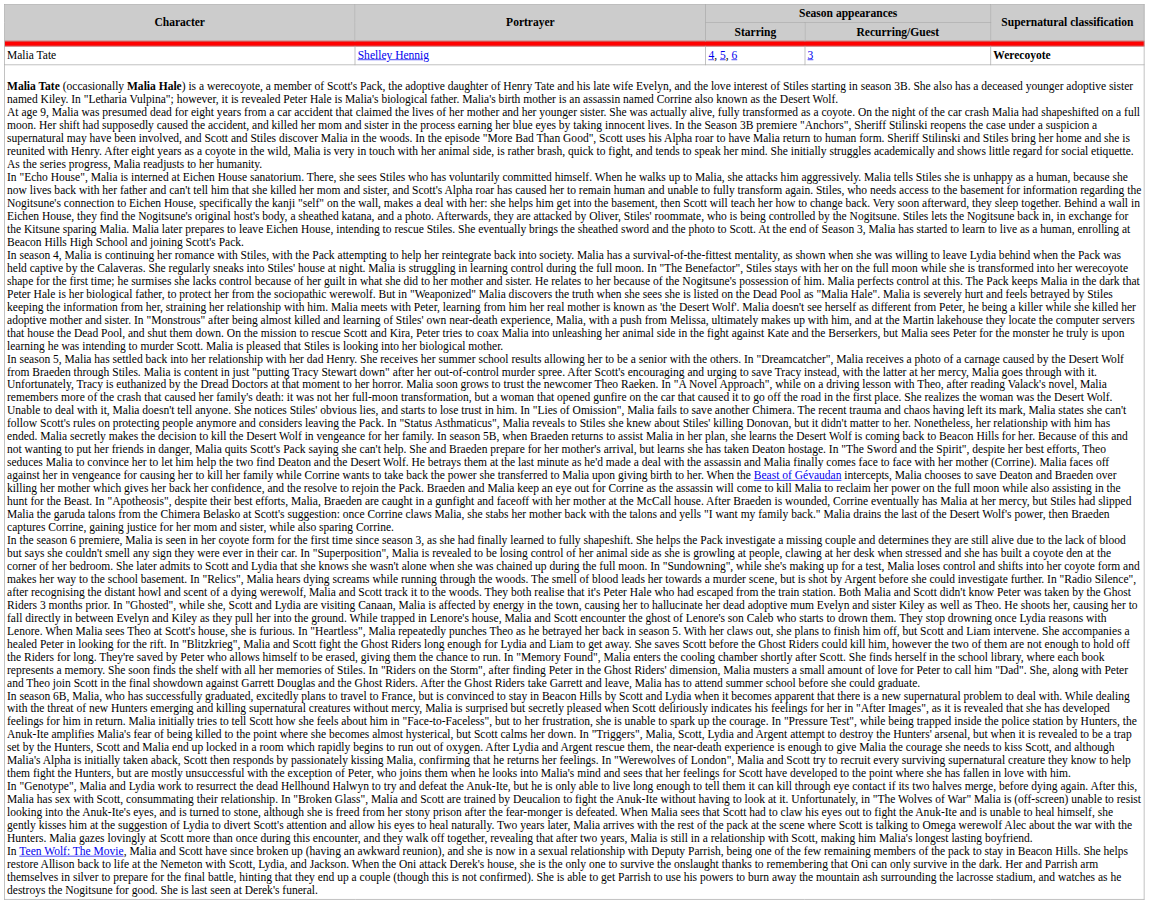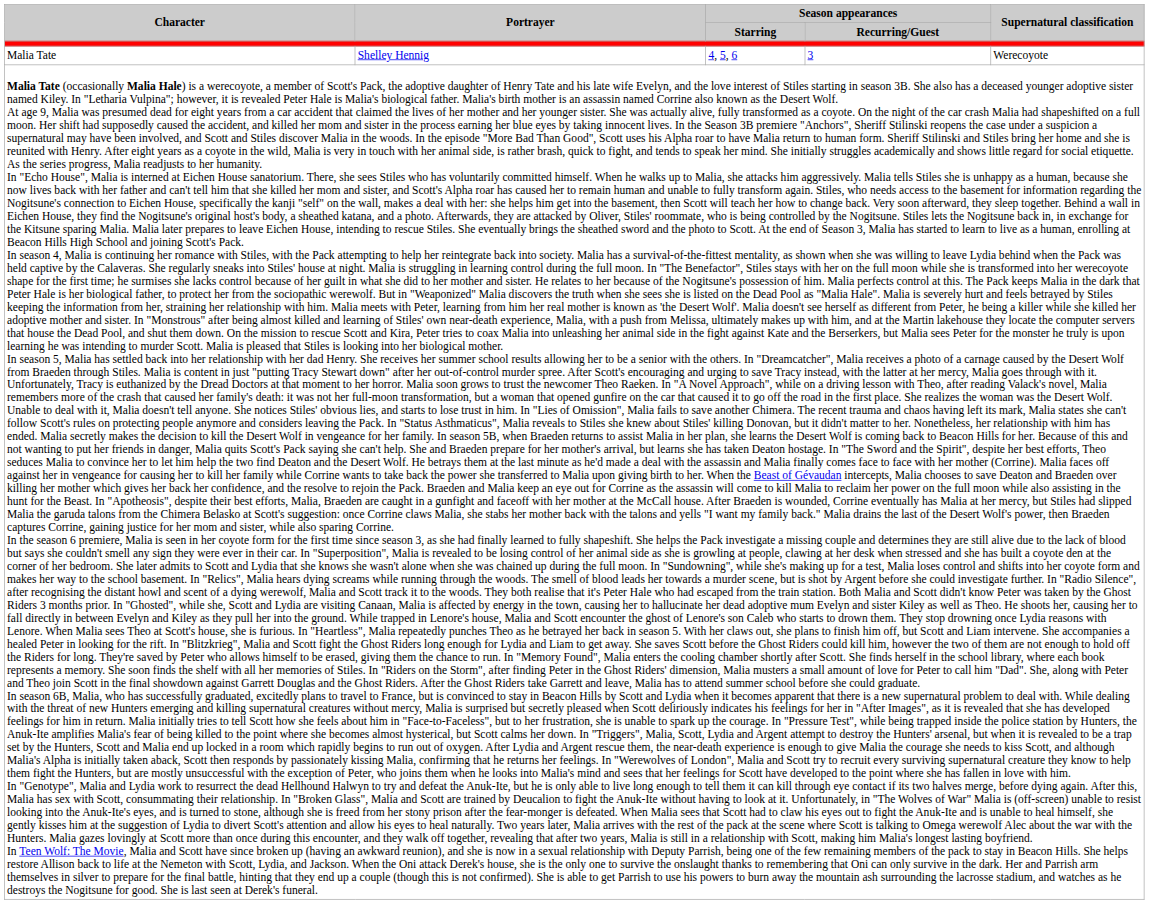 <table class="wikitable sortable" style="width:100%; margin-right:auto; background:#fff;">
 <tr style="color:black">
 <th rowspan="2" style="background:#ccc; width:16%;">Character</th>
 <th rowspan="2" style="background:#ccc; width:16%;">Portrayer</th>
 <th colspan="2" style="background:#ccc; width:13%;">Season appearances</th>
 <th rowspan="2" style="background:#ccc; width:7%;">Supernatural classification</th>
 </tr>
 <tr>
 <th style="background:#ccc;">Starring</th>
 <th style="background:#ccc;">Recurring/Guest</th>
 </tr>
 <tr>
 <td colspan="5" style="background:red;"></td>
 </tr>
 <tr>
 <td id="Malia">Malia Tate</td>
 <td><a href='#'>Shelley Hennig</a></td>
 <td><a href='#'>4</a>, <a href='#'>5</a>, <a href='#'>6</a></td>
 <td><a href='#'>3</a></td>
-<td><strong>Werecoyote</strong></td>
+<td>Werecoyote</td>
 </tr>
 <tr>
 <td colspan=5><br><strong>Malia Tate</strong> (occasionally <strong>Malia Hale</strong>) is a werecoyote, a member of Scott's Pack, the adoptive daughter of Henry Tate and his late wife Evelyn, and the love interest of Stiles starting in season 3B. She also has a deceased younger adoptive sister named Kiley. In "Letharia Vulpina"; however, it is revealed Peter Hale is Malia's biological father. Malia's birth mother is an assassin named Corrine also known as the Desert Wolf.<br>At age 9, Malia was presumed dead for eight years from a car accident that claimed the lives of her mother and her younger sister. She was actually alive, fully transformed as a coyote. On the night of the car crash Malia had shapeshifted on a full moon. Her shift had supposedly caused the accident, and killed her mom and sister in the process earning her blue eyes by taking innocent lives. In the Season 3B premiere "Anchors", Sheriff Stilinski reopens the case under a suspicion a supernatural may have been involved, and Scott and Stiles discover Malia in the woods. In the episode "More Bad Than Good", Scott uses his Alpha roar to have Malia return to human form. Sheriff Stilinski and Stiles bring her home and she is reunited with Henry. After eight years as a coyote in the wild, Malia is very in touch with her animal side, is rather brash, quick to fight, and tends to speak her mind. She initially struggles academically and shows little regard for social etiquette. As the series progress, Malia readjusts to her humanity.<br>In "Echo House", Malia is interned at Eichen House sanatorium. There, she sees Stiles who has voluntarily committed himself. When he walks up to Malia, she attacks him aggressively. Malia tells Stiles she is unhappy as a human, because she now lives back with her father and can't tell him that she killed her mom and sister, and Scott's Alpha roar has caused her to remain human and unable to fully transform again. Stiles, who needs access to the basement for information regarding the Nogitsune's connection to Eichen House, specifically the kanji "self" on the wall, makes a deal with her: she helps him get into the basement, then Scott will teach her how to change back. Very soon afterward, they sleep together. Behind a wall in Eichen House, they find the Nogitsune's original host's body, a sheathed katana, and a photo. Afterwards, they are attacked by Oliver, Stiles' roommate, who is being controlled by the Nogitsune. Stiles lets the Nogitsune back in, in exchange for the Kitsune sparing Malia. Malia later prepares to leave Eichen House, intending to rescue Stiles. She eventually brings the sheathed sword and the photo to Scott. At the end of Season 3, Malia has started to learn to live as a human, enrolling at Beacon Hills High School and joining Scott's Pack.<br>In season 4, Malia is continuing her romance with Stiles, with the Pack attempting to help her reintegrate back into society. Malia has a survival-of-the-fittest mentality, as shown when she was willing to leave Lydia behind when the Pack was held captive by the Calaveras. She regularly sneaks into Stiles' house at night. Malia is struggling in learning control during the full moon. In "The Benefactor", Stiles stays with her on the full moon while she is transformed into her werecoyote shape for the first time; he surmises she lacks control because of her guilt in what she did to her mother and sister. He relates to her because of the Nogitsune's possession of him. Malia perfects control at this. The Pack keeps Malia in the dark that Peter Hale is her biological father, to protect her from the sociopathic werewolf. But in "Weaponized" Malia discovers the truth when she sees she is listed on the Dead Pool as "Malia Hale". Malia is severely hurt and feels betrayed by Stiles keeping the information from her, straining her relationship with him. Malia meets with Peter, learning from him her real mother is known as 'the Desert Wolf'. Malia doesn't see herself as different from Peter, he being a killer while she killed her adoptive mother and sister. In "Monstrous" after being almost killed and learning of Stiles' own near-death experience, Malia, with a push from Melissa, ultimately makes up with him, and at the Martin lakehouse they locate the computer servers that house the Dead Pool, and shut them down. On the mission to rescue Scott and Kira, Peter tries to coax Malia into unleashing her animal side in the fight against Kate and the Berserkers, but Malia sees Peter for the monster he truly is upon learning he was intending to murder Scott. Malia is pleased that Stiles is looking into her biological mother.<br>In season 5, Malia has settled back into her relationship with her dad Henry. She receives her summer school results allowing her to be a senior with the others. In "Dreamcatcher", Malia receives a photo of a carnage caused by the Desert Wolf from Braeden through Stiles. Malia is content in just "putting Tracy Stewart down" after her out-of-control murder spree. After Scott's encouraging and urging to save Tracy instead, with the latter at her mercy, Malia goes through with it. Unfortunately, Tracy is euthanized by the Dread Doctors at that moment to her horror. Malia soon grows to trust the newcomer Theo Raeken. In "A Novel Approach", while on a driving lesson with Theo, after reading Valack's novel, Malia remembers more of the crash that caused her family's death: it was not her full-moon transformation, but a woman that opened gunfire on the car that caused it to go off the road in the first place. She realizes the woman was the Desert Wolf. Unable to deal with it, Malia doesn't tell anyone. She notices Stiles' obvious lies, and starts to lose trust in him. In "Lies of Omission", Malia fails to save another Chimera. The recent trauma and chaos having left its mark, Malia states she can't follow Scott's rules on protecting people anymore and considers leaving the Pack. In "Status Asthmaticus", Malia reveals to Stiles she knew about Stiles' killing Donovan, but it didn't matter to her. Nonetheless, her relationship with him has ended. Malia secretly makes the decision to kill the Desert Wolf in vengeance for her family. In season 5B, when Braeden returns to assist Malia in her plan, she learns the Desert Wolf is coming back to Beacon Hills for her. Because of this and not wanting to put her friends in danger, Malia quits Scott's Pack saying she can't help. She and Braeden prepare for her mother's arrival, but learns she has taken Deaton hostage. In "The Sword and the Spirit", despite her best efforts, Theo seduces Malia to convince her to let him help the two find Deaton and the Desert Wolf. He betrays them at the last minute as he'd made a deal with the assassin and Malia finally comes face to face with her mother (Corrine). Malia faces off against her in vengeance for causing her to kill her family while Corrine wants to take back the power she transferred to Malia upon giving birth to her. When the <a href='#'>Beast of Gévaudan</a> intercepts, Malia chooses to save Deaton and Braeden over killing her mother which gives her back her confidence, and the resolve to rejoin the Pack. Braeden and Malia keep an eye out for Corrine as the assassin will come to kill Malia to reclaim her power on the full moon while also assisting in the hunt for the Beast. In "Apotheosis", despite their best efforts, Malia, Braeden are caught in a gunfight and faceoff with her mother at the McCall house. After Braeden is wounded, Corrine eventually has Malia at her mercy, but Stiles had slipped Malia the garuda talons from the Chimera Belasko at Scott's suggestion: once Corrine claws Malia, she stabs her mother back with the talons and yells "I want my family back." Malia drains the last of the Desert Wolf's power, then Braeden captures Corrine, gaining justice for her mom and sister, while also sparing Corrine.<br>In the season 6 premiere, Malia is seen in her coyote form for the first time since season 3, as she had finally learned to fully shapeshift. She helps the Pack investigate a missing couple and determines they are still alive due to the lack of blood but says she couldn't smell any sign they were ever in their car. In "Superposition", Malia is revealed to be losing control of her animal side as she is growling at people, clawing at her desk when stressed and she has built a coyote den at the corner of her bedroom. She later admits to Scott and Lydia that she knows she wasn't alone when she was chained up during the full moon. In "Sundowning", while she's making up for a test, Malia loses control and shifts into her coyote form and makes her way to the school basement. In "Relics", Malia hears dying screams while running through the woods. The smell of blood leads her towards a murder scene, but is shot by Argent before she could investigate further. In "Radio Silence", after recognising the distant howl and scent of a dying werewolf, Malia and Scott track it to the woods. They both realise that it's Peter Hale who had escaped from the train station. Both Malia and Scott didn't know Peter was taken by the Ghost Riders 3 months prior. In "Ghosted", while she, Scott and Lydia are visiting Canaan, Malia is affected by energy in the town, causing her to hallucinate her dead adoptive mum Evelyn and sister Kiley as well as Theo. He shoots her, causing her to fall directly in between Evelyn and Kiley as they pull her into the ground. While trapped in Lenore's house, Malia and Scott encounter the ghost of Lenore's son Caleb who starts to drown them. They stop drowning once Lydia reasons with Lenore. When Malia sees Theo at Scott's house, she is furious. In "Heartless", Malia repeatedly punches Theo as he betrayed her back in season 5. With her claws out, she plans to finish him off, but Scott and Liam intervene. She accompanies a healed Peter in looking for the rift. In "Blitzkrieg", Malia and Scott fight the Ghost Riders long enough for Lydia and Liam to get away. She saves Scott before the Ghost Riders could kill him, however the two of them are not enough to hold off the Riders for long. They're saved by Peter who allows himself to be erased, giving them the chance to run. In "Memory Found", Malia enters the cooling chamber shortly after Scott. She finds herself in the school library, where each book represents a memory. She soon finds the shelf with all her memories of Stiles. In "Riders on the Storm", after finding Peter in the Ghost Riders' dimension, Malia musters a small amount of love for Peter to call him "Dad". She, along with Peter and Theo join Scott in the final showdown against Garrett Douglas and the Ghost Riders. After the Ghost Riders take Garrett and leave, Malia has to attend summer school before she could graduate.<br>In season 6B, Malia, who has successfully graduated, excitedly plans to travel to France, but is convinced to stay in Beacon Hills by Scott and Lydia when it becomes apparent that there is a new supernatural problem to deal with. While dealing with the threat of new Hunters emerging and killing supernatural creatures without mercy, Malia is surprised but secretly pleased when Scott deliriously indicates his feelings for her in "After Images", as it is revealed that she has developed feelings for him in return. Malia initially tries to tell Scott how she feels about him in "Face-to-Faceless", but to her frustration, she is unable to spark up the courage. In "Pressure Test", while being trapped inside the police station by Hunters, the Anuk-Ite amplifies Malia's fear of being killed to the point where she becomes almost hysterical, but Scott calms her down. In "Triggers", Malia, Scott, Lydia and Argent attempt to destroy the Hunters' arsenal, but when it is revealed to be a trap set by the Hunters, Scott and Malia end up locked in a room which rapidly begins to run out of oxygen. After Lydia and Argent rescue them, the near-death experience is enough to give Malia the courage she needs to kiss Scott, and although Malia's Alpha is initially taken aback, Scott then responds by passionately kissing Malia, confirming that he returns her feelings. In "Werewolves of London", Malia and Scott try to recruit every surviving supernatural creature they know to help them fight the Hunters, but are mostly unsuccessful with the exception of Peter, who joins them when he looks into Malia's mind and sees that her feelings for Scott have developed to the point where she has fallen in love with him.<br>In "Genotype", Malia and Lydia work to resurrect the dead Hellhound Halwyn to try and defeat the Anuk-Ite, but he is only able to live long enough to tell them it can kill through eye contact if its two halves merge, before dying again. After this, Malia has sex with Scott, consummating their relationship. In "Broken Glass", Malia and Scott are trained by Deucalion to fight the Anuk-Ite without having to look at it. Unfortunately, in "The Wolves of War" Malia is (off-screen) unable to resist looking into the Anuk-Ite's eyes, and is turned to stone, although she is freed from her stony prison after the fear-monger is defeated. When Malia sees that Scott had to claw his eyes out to fight the Anuk-Ite and is unable to heal himself, she gently kisses him at the suggestion of Lydia to divert Scott's attention and allow his eyes to heal naturally. Two years later, Malia arrives with the rest of the pack at the scene where Scott is talking to Omega werewolf Alec about the war with the Hunters. Malia gazes lovingly at Scott more than once during this encounter, and they walk off together, revealing that after two years, Malia is still in a relationship with Scott, making him Malia's longest lasting boyfriend.<br>In <a href='#'>Teen Wolf: The Movie</a>, Malia and Scott have since broken up (having an awkward reunion), and she is now in a sexual relationship with Deputy Parrish, being one of the few remaining members of the pack to stay in Beacon Hills. She helps restore Allison back to life at the Nemeton with Scott, Lydia, and Jackson. When the Oni attack Derek's house, she is the only one to survive the onslaught thanks to remembering that Oni can only survive in the dark. Her and Parrish arm themselves in silver to prepare for the final battle, hinting that they end up a couple (though this is not confirmed). She is able to get Parrish to use his powers to burn away the mountain ash surrounding the lacrosse stadium, and watches as he destroys the Nogitsune for good. She is last seen at Derek's funeral.</td>
 </tr>
 </table>
